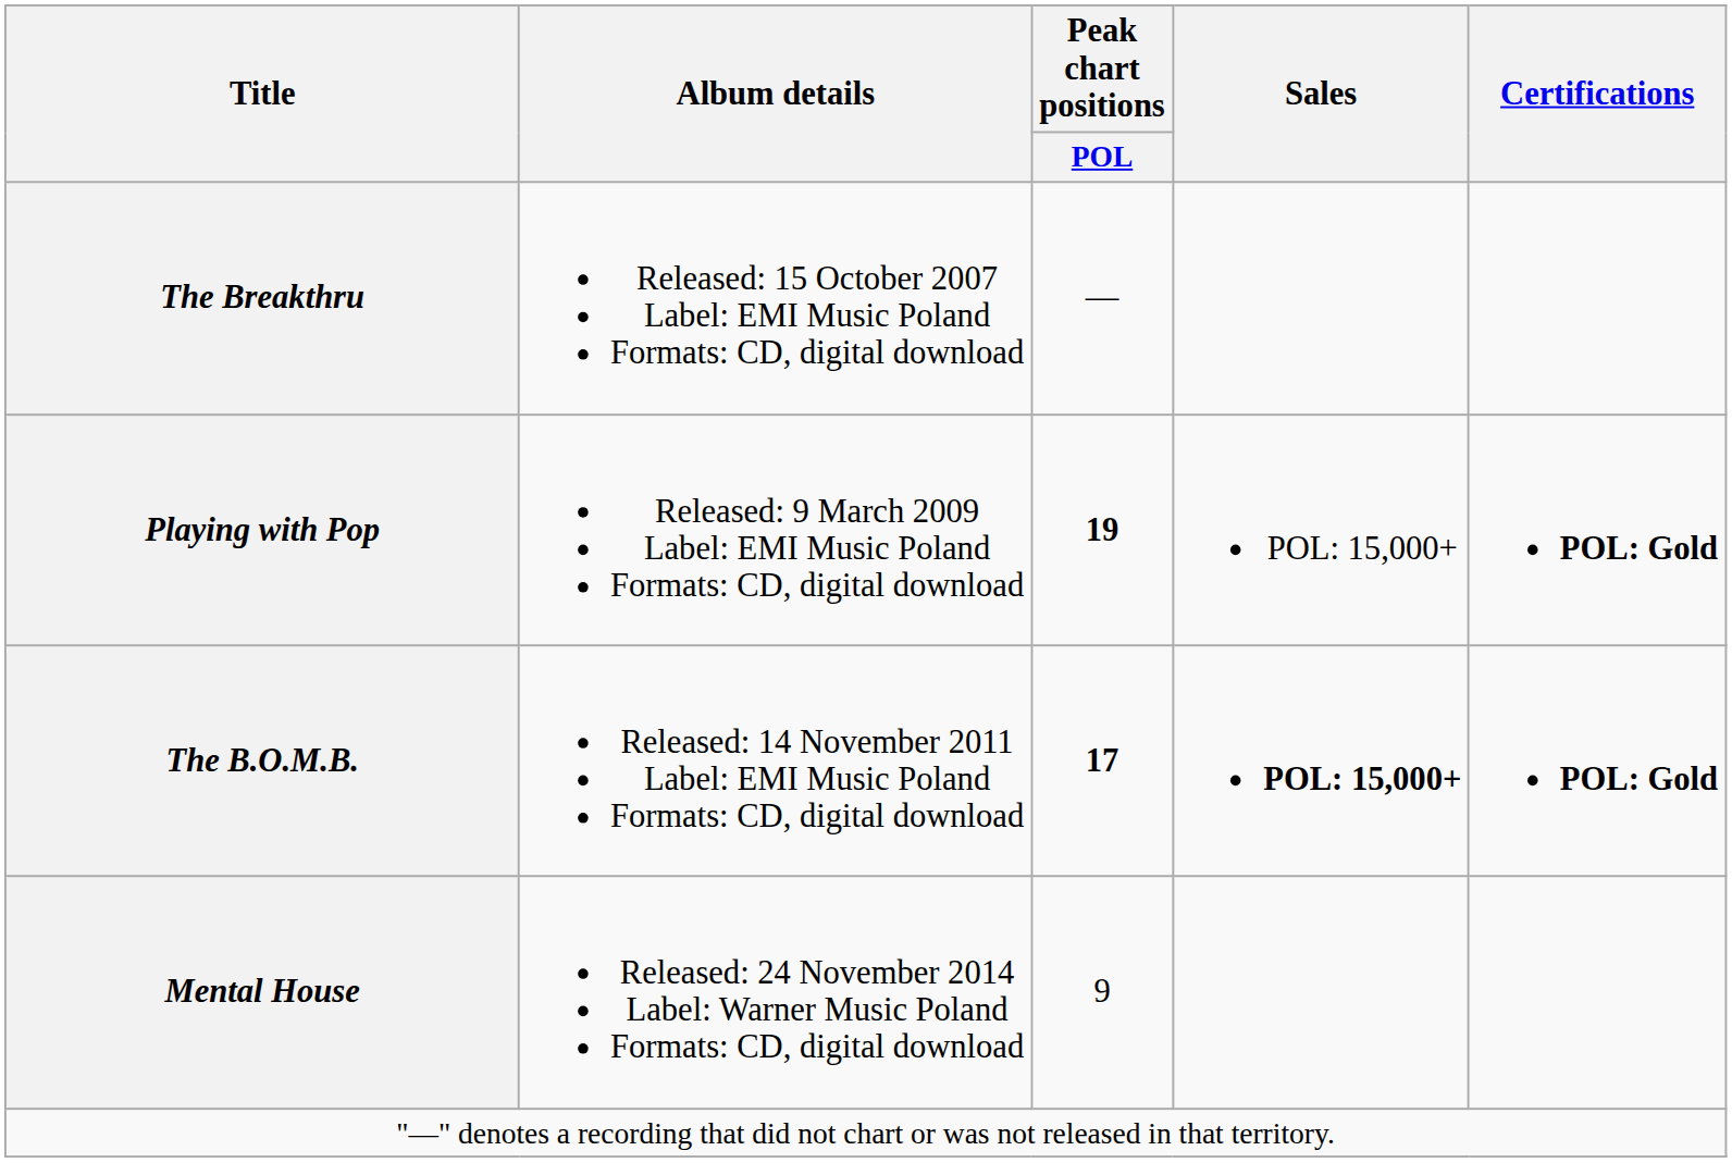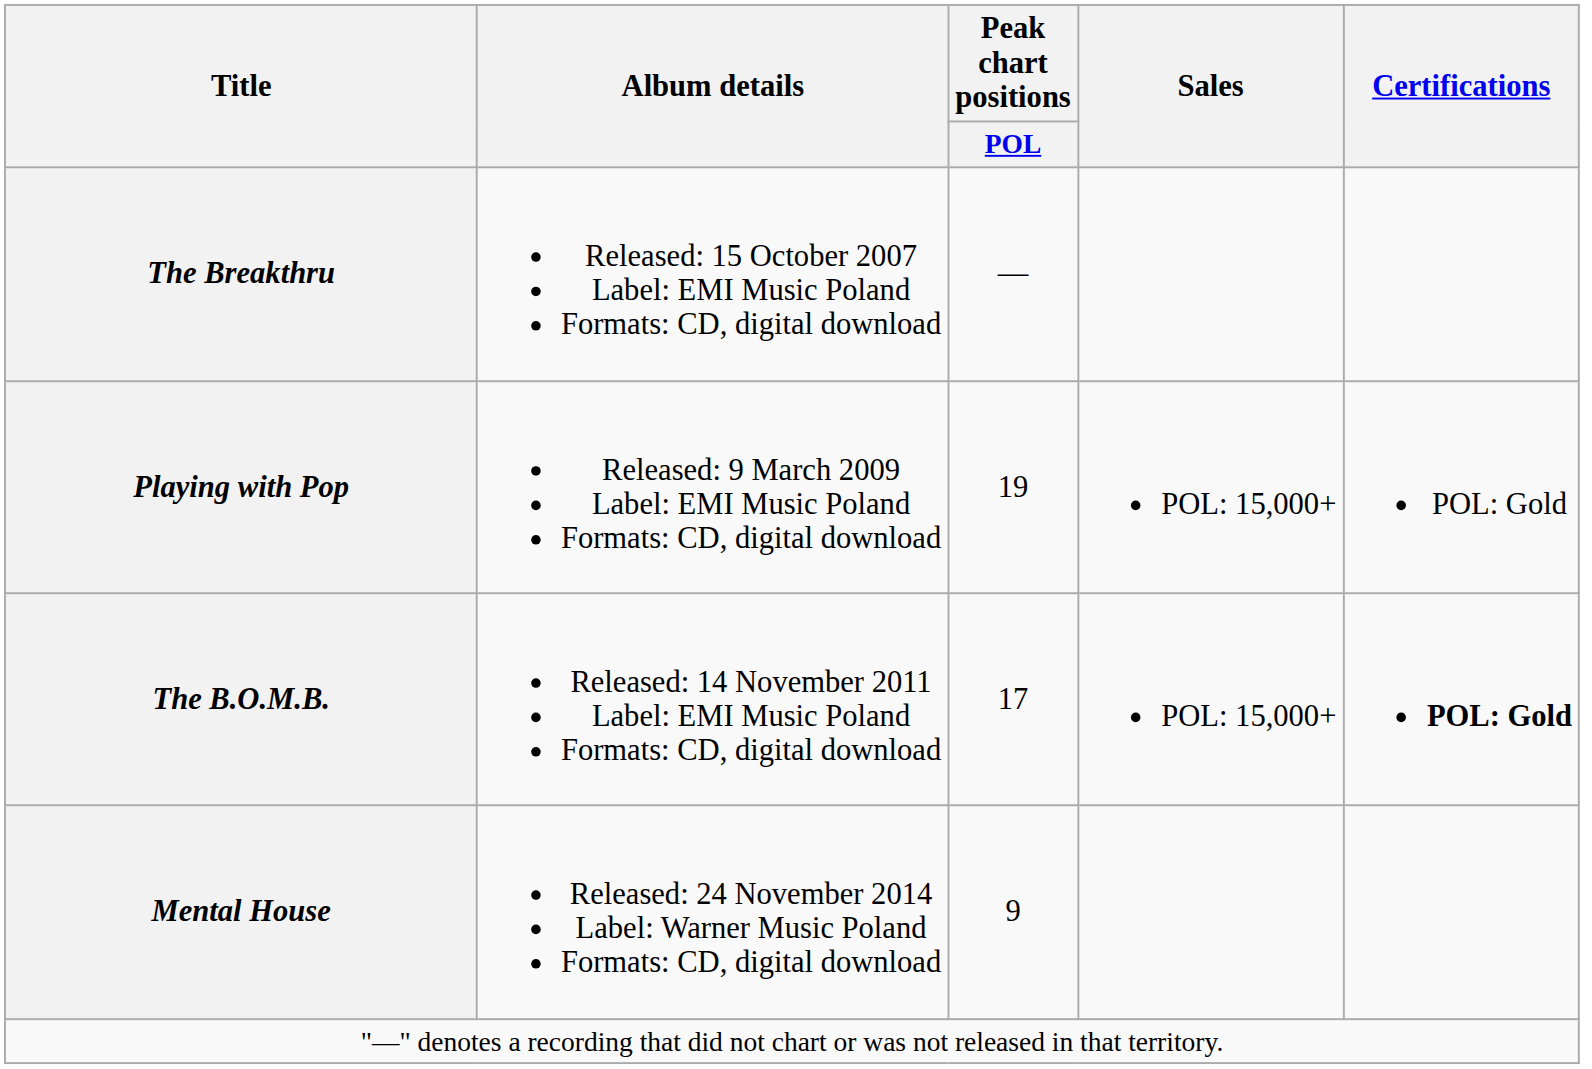 <table class="wikitable plainrowheaders" style="text-align:center;">
 <tr>
 <th scope="col" rowspan="2" style="width:15em;">Title</th>
 <th scope="col" rowspan="2">Album details</th>
 <th scope="col" colspan="1">Peak chart positions</th>
 <th scope="col" rowspan="2">Sales</th>
 <th scope="col" rowspan="2"><a href='#'>Certifications</a></th>
 </tr>
 <tr>
 <th scope="col" style="width:3em;font-size:90%;"><a href='#'>POL</a><br></th>
 </tr>
 <tr>
 <th scope="row"><em>The Breakthru</em></th>
 <td><br><ul><li>Released: 15 October 2007</li><li>Label: EMI Music Poland</li><li>Formats: CD, digital download</li></ul></td>
 <td>—</td>
 <td></td>
 <td></td>
 </tr>
 <tr>
 <th scope="row"><em>Playing with Pop</em></th>
 <td><br><ul><li>Released: 9 March 2009</li><li>Label: EMI Music Poland</li><li>Formats: CD, digital download</li></ul></td>
-<td><strong>19</strong></td>
+<td>19</td>
 <td><br><ul><li>POL: 15,000+</li></ul></td>
-<td><strong><br><ul><li>POL: Gold</li></ul></strong></td>
+<td><br><ul><li>POL: Gold</li></ul></td>
 </tr>
 <tr>
 <th scope="row"><em>The B.O.M.B.</em></th>
 <td><br><ul><li>Released: 14 November 2011</li><li>Label: EMI Music Poland</li><li>Formats: CD, digital download</li></ul></td>
-<td><strong>17</strong></td>
-<td><strong><br><ul><li>POL: 15,000+</li></ul></strong></td>
+<td>17</td>
+<td><br><ul><li>POL: 15,000+</li></ul></td>
 <td><strong><br><ul><li>POL: Gold</li></ul></strong></td>
 </tr>
 <tr>
 <th scope="row"><em>Mental House</em></th>
 <td><br><ul><li>Released: 24 November 2014</li><li>Label: Warner Music Poland</li><li>Formats: CD, digital download</li></ul></td>
 <td>9</td>
 <td></td>
 <td></td>
 </tr>
 <tr>
 <td colspan="20" style="font-size:90%">"—" denotes a recording that did not chart or was not released in that territory.</td>
 </tr>
 </table>
